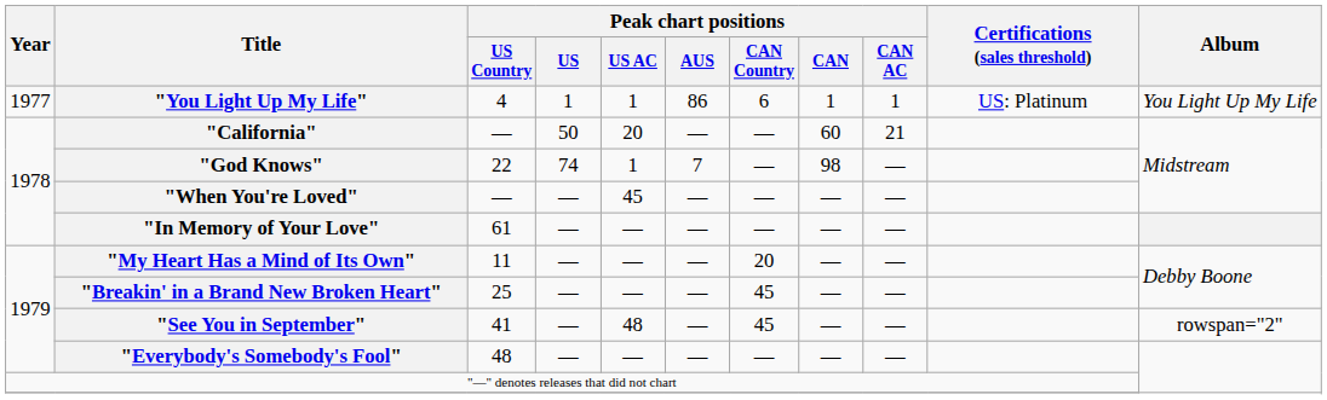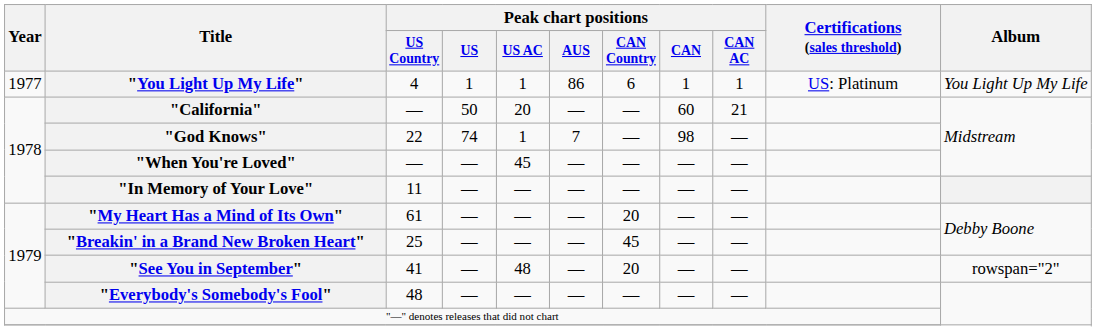 <table class="wikitable plainrowheaders" style="text-align:center;">
 <tr>
 <th rowspan="2">Year</th>
 <th rowspan="2" style="width:20em;">Title</th>
 <th colspan="7">Peak chart positions</th>
 <th rowspan="2" style="width:10em;"><a href='#'>Certifications</a><br><small>(<a href='#'>sales threshold</a>)</small></th>
 <th rowspan="2">Album</th>
 </tr>
 <tr style="font-size:smaller;">
 <th width="45"><a href='#'>US Country</a></th>
 <th width="45"><a href='#'>US</a></th>
 <th width="45"><a href='#'>US AC</a></th>
 <th width="45"><a href='#'>AUS</a></th>
 <th width="45"><a href='#'>CAN Country</a></th>
 <th width="45"><a href='#'>CAN</a></th>
 <th width="45"><a href='#'>CAN AC</a></th>
 </tr>
 <tr>
 <td>1977</td>
 <th scope="row">"<a href='#'>You Light Up My Life</a>"</th>
 <td>4</td>
 <td>1</td>
 <td>1</td>
 <td>86</td>
 <td>6</td>
 <td>1</td>
 <td>1</td>
 <td><a href='#'>US</a>: Platinum</td>
 <td align="left"><em>You Light Up My Life</em></td>
 </tr>
 <tr>
 <td rowspan="4">1978</td>
 <th scope="row">"California"</th>
 <td>—</td>
 <td>50</td>
 <td>20</td>
 <td>—</td>
 <td>—</td>
 <td>60</td>
 <td>21</td>
 <td></td>
 <td align="left" rowspan="3"><em>Midstream</em></td>
 </tr>
 <tr>
 <th scope="row">"God Knows"</th>
 <td>22</td>
 <td>74</td>
 <td>1</td>
 <td>7</td>
 <td>—</td>
 <td>98</td>
 <td>—</td>
 <td></td>
 </tr>
 <tr>
 <th scope="row">"When You're Loved"</th>
 <td>—</td>
 <td>—</td>
 <td>45</td>
 <td>—</td>
 <td>—</td>
 <td>—</td>
 <td>—</td>
 <td></td>
 </tr>
 <tr>
 <th scope="row">"In Memory of Your Love"</th>
-<td>61</td>
+<td>11</td>
 <td>—</td>
 <td>—</td>
 <td>—</td>
 <td>—</td>
 <td>—</td>
 <td>—</td>
 <td></td>
 <th></th>
 </tr>
 <tr>
 <td rowspan="4">1979</td>
 <th scope="row">"<a href='#'>My Heart Has a Mind of Its Own</a>"</th>
-<td>11</td>
+<td>61</td>
 <td>—</td>
 <td>—</td>
 <td>—</td>
 <td>20</td>
 <td>—</td>
 <td>—</td>
 <td></td>
 <td align="left" rowspan="2"><em>Debby Boone</em></td>
 </tr>
 <tr>
 <th scope="row">"<a href='#'>Breakin' in a Brand New Broken Heart</a>"</th>
 <td>25</td>
 <td>—</td>
 <td>—</td>
 <td>—</td>
 <td>45</td>
 <td>—</td>
 <td>—</td>
 <td></td>
 </tr>
 <tr>
 <th scope="row">"<a href='#'>See You in September</a>"</th>
 <td>41</td>
 <td>—</td>
 <td>48</td>
 <td>—</td>
-<td>45</td>
+<td>20</td>
 <td>—</td>
 <td>—</td>
 <td></td>
 <td>rowspan="2" </td>
 </tr>
 <tr>
 <th scope="row">"<a href='#'>Everybody's Somebody's Fool</a>"</th>
 <td>48</td>
 <td>—</td>
 <td>—</td>
 <td>—</td>
 <td>—</td>
 <td>—</td>
 <td>—</td>
 <td></td>
 </tr>
 <tr>
 <td colspan="10" style="font-size: 8pt">"—" denotes releases that did not chart</td>
 </tr>
 <tr>
 </tr>
 </table>
